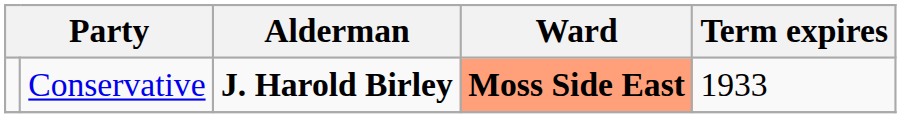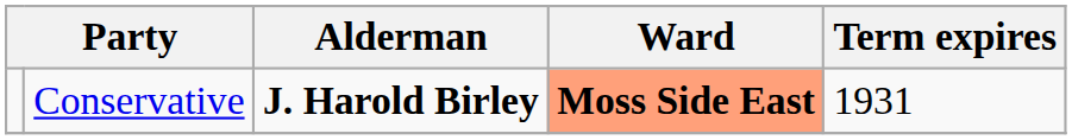 <table class="wikitable">
 <tr>
 <th colspan="2">Party</th>
 <th>Alderman</th>
 <th>Ward</th>
 <th>Term expires</th>
 </tr>
 <tr>
 <td style="background-color:"></td>
 <td><a href='#'>Conservative</a></td>
 <td><strong>J. Harold Birley</strong></td>
 <td style="background: lightsalmon;"><strong>Moss Side East</strong></td>
-<td>1933</td>
+<td>1931</td>
 </tr>
 <tr>
 </tr>
 </table>
